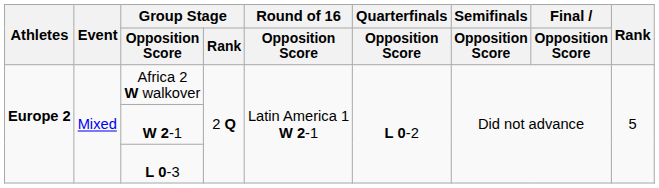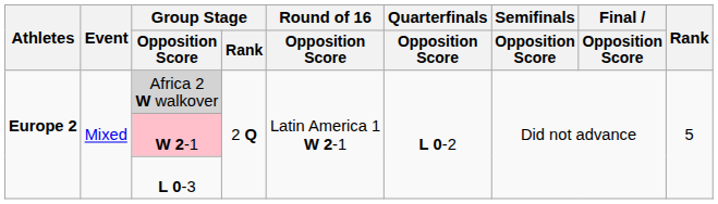 <table class=wikitable style="font-size:90%">
 <tr>
 <th rowspan="2">Athletes</th>
 <th rowspan="2">Event</th>
 <th colspan="2">Group Stage</th>
 <th>Round of 16</th>
 <th>Quarterfinals</th>
 <th>Semifinals</th>
 <th>Final / </th>
 <th rowspan=2>Rank</th>
 </tr>
 <tr style="font-size:95%">
 <th>Opposition<br>Score</th>
 <th>Rank</th>
 <th>Opposition<br>Score</th>
 <th>Opposition<br>Score</th>
 <th>Opposition<br>Score</th>
 <th>Opposition<br>Score</th>
 </tr>
 <tr align=center>
 <td align=left rowspan=3><strong>Europe 2</strong><br><br></td>
 <td align=left rowspan=3><a href='#'>Mixed</a></td>
-<td>Africa 2<br><strong>W</strong> walkover</td>
+<td style="background: lightgrey;">Africa 2<br><strong>W</strong> walkover</td>
 <td rowspan=3>2 <strong>Q</strong></td>
 <td rowspan=3>Latin America 1<br><strong>W</strong> <strong>2</strong>-1</td>
 <td rowspan=3><br><strong>L</strong> <strong>0</strong>-2</td>
 <td rowspan=3 colspan=2>Did not advance</td>
 <td rowspan=3>5</td>
 </tr>
 <tr align=center>
-<td><br><strong>W</strong> <strong>2</strong>-1</td>
+<td style="background: pink;"><br><strong>W</strong> <strong>2</strong>-1</td>
 </tr>
 <tr align=center>
 <td><br><strong>L</strong> <strong>0</strong>-3</td>
 </tr>
 </table>
